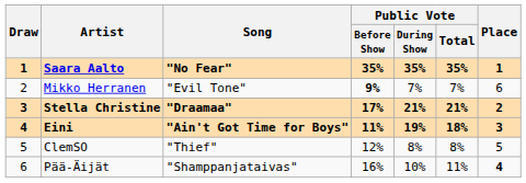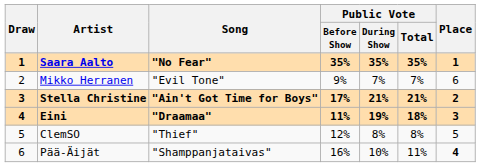 <table class="sortable wikitable" style="margin: 1em auto 1em auto; text-align:center;">
 <tr>
 <th rowspan="2">Draw</th>
 <th rowspan="2">Artist</th>
 <th rowspan="2">Song</th>
 <th colspan="3" class="unsortable">Public Vote</th>
 <th rowspan="2">Place</th>
 </tr>
 <tr>
 <th><small>Before<br>Show</small></th>
 <th><small>During<br>Show</small></th>
 <th>Total</th>
 </tr>
 <tr style="font-weight:bold; background:navajowhite;">
 <td>1</td>
 <td align="left"><a href='#'>Saara Aalto</a></td>
 <td align="left">"No Fear"</td>
 <td>35%</td>
 <td>35%</td>
 <td>35%</td>
 <td>1</td>
 </tr>
 <tr>
 <td>2</td>
 <td align="left"><a href='#'>Mikko Herranen</a></td>
 <td align="left">"Evil Tone"</td>
-<td><strong>9%</strong></td>
+<td>9%</td>
 <td>7%</td>
 <td>7%</td>
 <td>6</td>
 </tr>
 <tr style="font-weight:bold; background:navajowhite;">
 <td>3</td>
 <td align="left">Stella Christine</td>
-<td align="left">"Draamaa"</td>
+<td align="left">"Ain't Got Time for Boys"</td>
 <td>17%</td>
 <td>21%</td>
 <td>21%</td>
 <td>2</td>
 </tr>
 <tr style="font-weight:bold; background:navajowhite;">
 <td>4</td>
 <td align="left">Eini</td>
-<td align="left">"Ain't Got Time for Boys"</td>
+<td align="left">"Draamaa"</td>
 <td>11%</td>
 <td>19%</td>
 <td>18%</td>
 <td>3</td>
 </tr>
 <tr>
 <td>5</td>
 <td align="left">ClemSO</td>
 <td align="left">"Thief"</td>
 <td>12%</td>
 <td>8%</td>
 <td>8%</td>
 <td>5</td>
 </tr>
 <tr>
 <td>6</td>
 <td align="left">Pää-Äijät</td>
 <td align="left">"Shamppanjataivas"</td>
 <td>16%</td>
 <td>10%</td>
 <td>11%</td>
 <td><strong>4</strong></td>
 </tr>
 </table>
